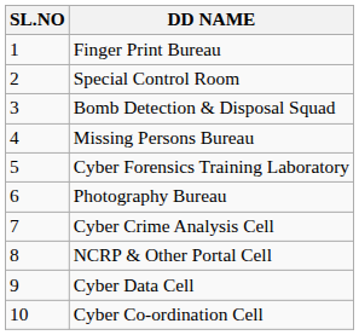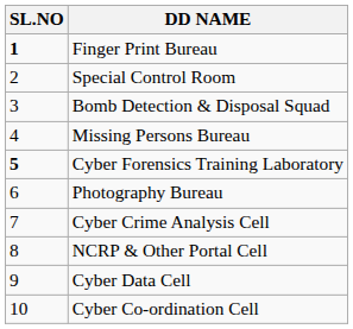 <table class="wikitable">
 <tr>
 <th colspan="1" rowspan="1">SL.NO</th>
 <th colspan="1" rowspan="1">DD NAME</th>
 </tr>
 <tr>
-<td>1</td>
+<td><strong>1</strong></td>
 <td>Finger Print Bureau</td>
 </tr>
 <tr>
 <td>2</td>
 <td>Special Control Room</td>
 </tr>
 <tr>
 <td>3</td>
 <td>Bomb Detection & Disposal Squad</td>
 </tr>
 <tr>
 <td>4</td>
 <td>Missing Persons Bureau</td>
 </tr>
 <tr>
-<td>5</td>
+<td><strong>5</strong></td>
 <td>Cyber Forensics Training Laboratory</td>
 </tr>
 <tr>
 <td>6</td>
 <td>Photography Bureau</td>
 </tr>
 <tr>
 <td>7</td>
 <td>Cyber Crime Analysis Cell</td>
 </tr>
 <tr>
 <td>8</td>
 <td>NCRP & Other Portal Cell</td>
 </tr>
 <tr>
 <td>9</td>
 <td>Cyber Data Cell</td>
 </tr>
 <tr>
 <td>10</td>
 <td>Cyber Co-ordination Cell</td>
 </tr>
 </table>
